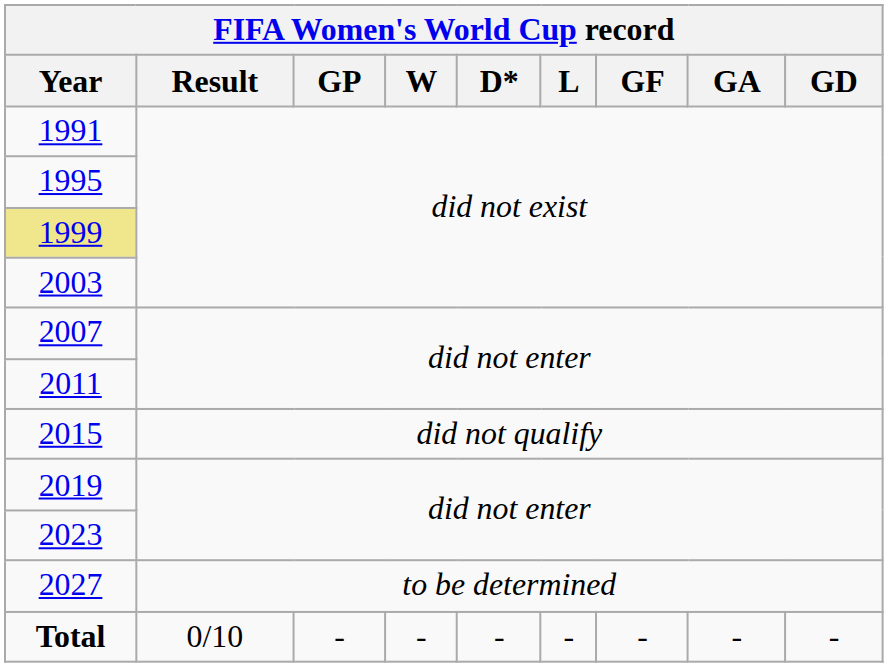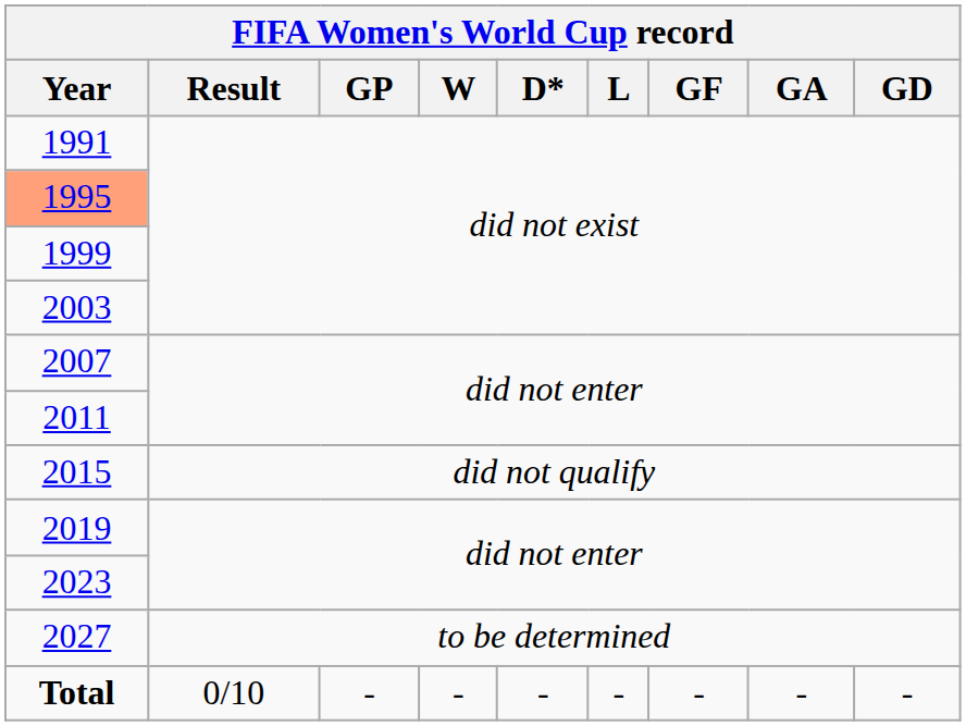 <table class="wikitable" style="text-align: center; width:50%;">
 <tr>
 <th colspan="9"><a href='#'>FIFA Women's World Cup</a> record</th>
 </tr>
 <tr>
 <th>Year</th>
 <th>Result</th>
 <th>GP</th>
 <th>W</th>
 <th>D*</th>
 <th>L</th>
 <th>GF</th>
 <th>GA</th>
 <th>GD</th>
 </tr>
 <tr>
 <td> <a href='#'>1991</a></td>
 <td rowspan=4 colspan=8><em>did not exist </em></td>
 </tr>
 <tr>
-<td> <a href='#'>1995</a></td>
+<td style="background: lightsalmon;"> <a href='#'>1995</a></td>
 </tr>
 <tr>
-<td style="background: khaki;"> <a href='#'>1999</a></td>
+<td> <a href='#'>1999</a></td>
 </tr>
 <tr>
 <td> <a href='#'>2003</a></td>
 </tr>
 <tr>
 <td> <a href='#'>2007</a></td>
 <td rowspan=2 colspan=8><em>did not enter</em></td>
 </tr>
 <tr>
 <td> <a href='#'>2011</a></td>
 </tr>
 <tr>
 <td> <a href='#'>2015</a></td>
 <td colspan=8><em>did not qualify</em></td>
 </tr>
 <tr>
 <td> <a href='#'>2019</a></td>
 <td rowspan=2 colspan=8><em>did not enter</em></td>
 </tr>
 <tr>
 <td> <a href='#'>2023</a></td>
 </tr>
 <tr>
 <td> <a href='#'>2027</a></td>
 <td colspan=8><em>to be determined</em></td>
 </tr>
 <tr>
 <td><strong>Total</strong></td>
 <td>0/10</td>
 <td>-</td>
 <td>-</td>
 <td>-</td>
 <td>-</td>
 <td>-</td>
 <td>-</td>
 <td>-</td>
 </tr>
 </table>
